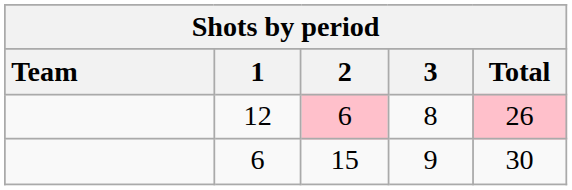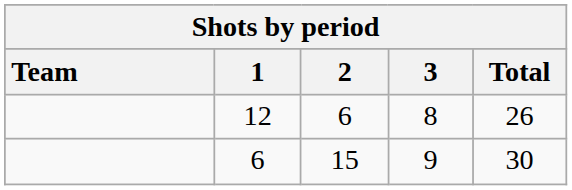 <table class="wikitable" style="width:20em; text-align:right;">
 <tr>
 <th colspan="6">Shots by period</th>
 </tr>
 <tr>
 <th style="width:8em; text-align:left;">Team</th>
 <th style="width:3em;">1</th>
 <th style="width:3em;">2</th>
 <th style="width:3em;">3</th>
 <th style="width:3em;">Total</th>
 </tr>
 <tr>
 <td style="text-align:left;"></td>
 <td style="text-align:center;">12</td>
-<td style="background: pink; text-align:center;">6</td>
+<td style="text-align:center;">6</td>
 <td style="text-align:center;">8</td>
-<td style="background: pink; text-align:center;">26</td>
+<td style="text-align:center;">26</td>
 </tr>
 <tr>
 <td style="text-align:left;"></td>
 <td style="text-align:center;">6</td>
 <td style="text-align:center;">15</td>
 <td style="text-align:center;">9</td>
 <td style="text-align:center;">30</td>
 </tr>
 </table>
